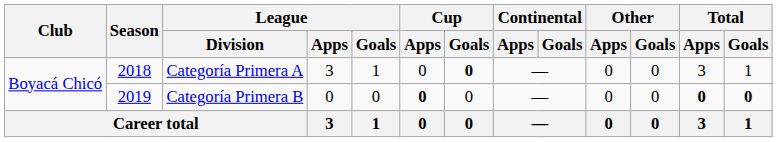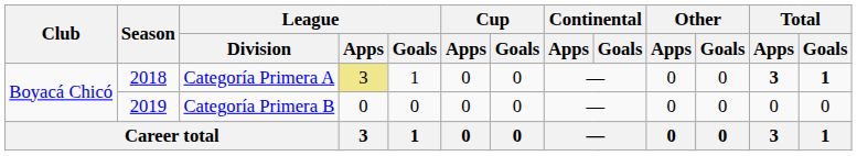 <table class="wikitable" style="text-align:center">
 <tr>
 <th rowspan="2">Club</th>
 <th rowspan="2">Season</th>
 <th colspan="3">League</th>
 <th colspan="2">Cup</th>
 <th colspan="2">Continental</th>
 <th colspan="2">Other</th>
 <th colspan="2">Total</th>
 </tr>
 <tr>
 <th>Division</th>
 <th>Apps</th>
 <th>Goals</th>
 <th>Apps</th>
 <th>Goals</th>
 <th>Apps</th>
 <th>Goals</th>
 <th>Apps</th>
 <th>Goals</th>
 <th>Apps</th>
 <th>Goals</th>
 </tr>
 <tr>
 <td rowspan="2"><a href='#'>Boyacá Chicó</a></td>
 <td><a href='#'>2018</a></td>
 <td rowspan="1"><a href='#'>Categoría Primera A</a></td>
-<td>3</td>
+<td style="background: khaki;">3</td>
 <td>1</td>
 <td>0</td>
-<td><strong>0</strong></td>
+<td>0</td>
 <td colspan="2">—</td>
 <td>0</td>
 <td>0</td>
-<td>3</td>
-<td>1</td>
+<td><strong>3</strong></td>
+<td><strong>1</strong></td>
 </tr>
 <tr>
 <td><a href='#'>2019</a></td>
 <td rowspan="1"><a href='#'>Categoría Primera B</a></td>
 <td>0</td>
 <td>0</td>
-<td><strong>0</strong></td>
+<td>0</td>
 <td>0</td>
 <td colspan="2">—</td>
 <td>0</td>
 <td>0</td>
-<td><strong>0</strong></td>
-<td><strong>0</strong></td>
+<td>0</td>
+<td>0</td>
 </tr>
 <tr>
 <th colspan="3">Career total</th>
 <th>3</th>
 <th>1</th>
 <th>0</th>
 <th>0</th>
 <th colspan="2">—</th>
 <th>0</th>
 <th>0</th>
 <th>3</th>
 <th>1</th>
 </tr>
 </table>
